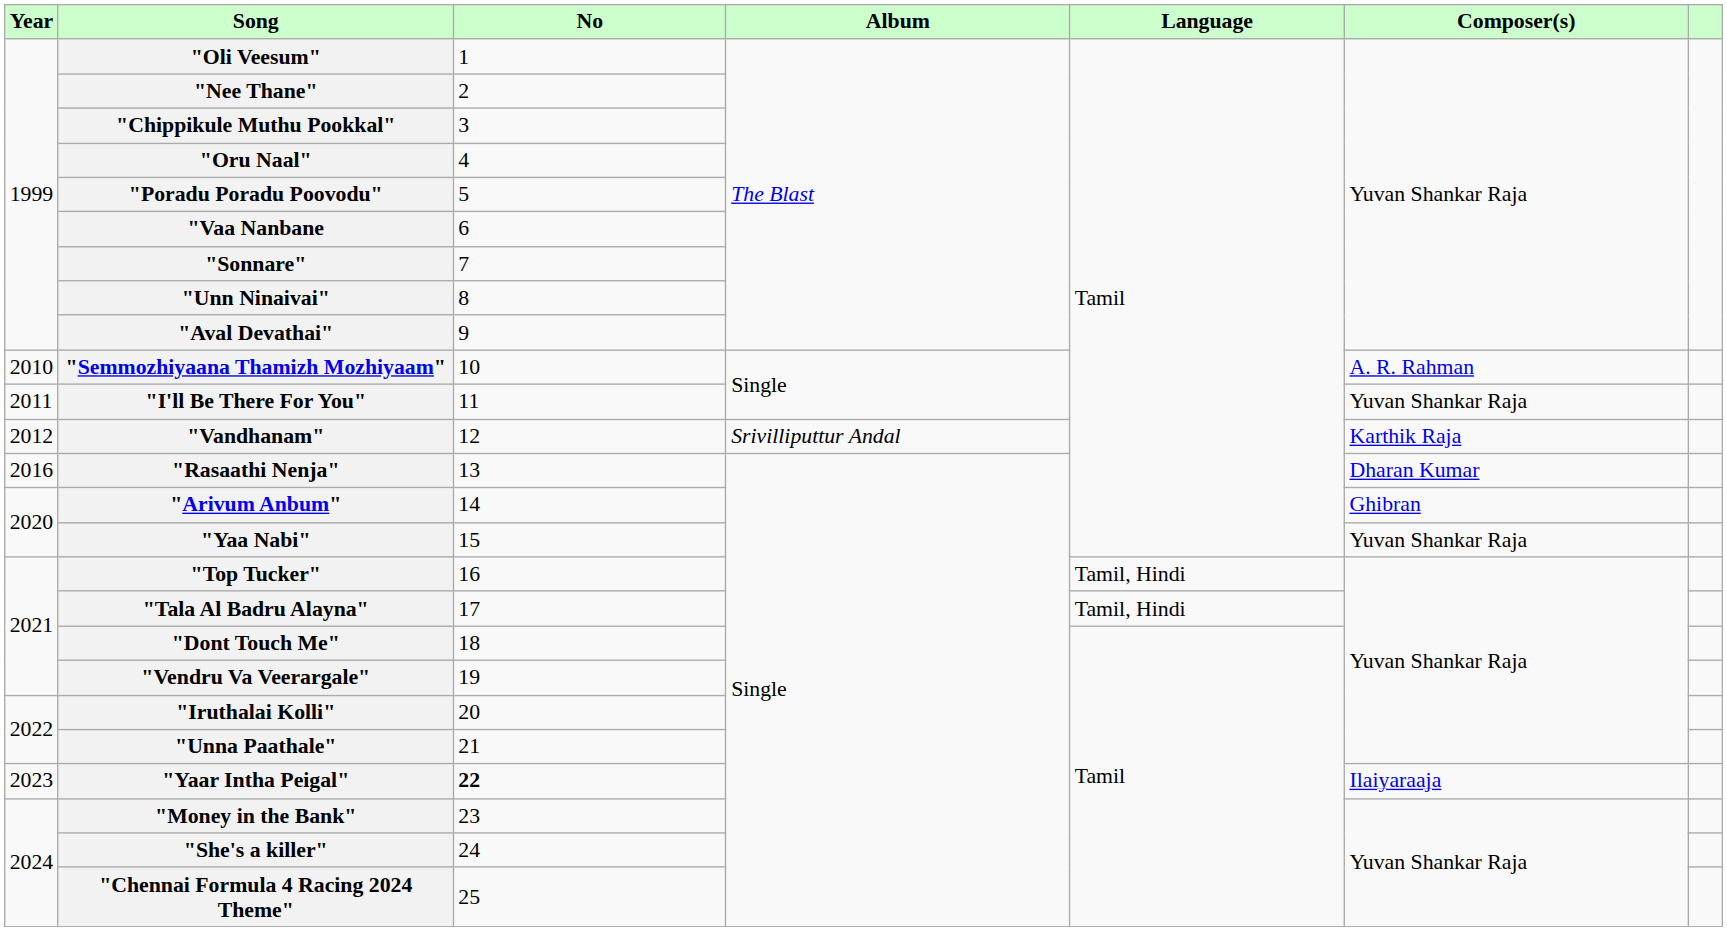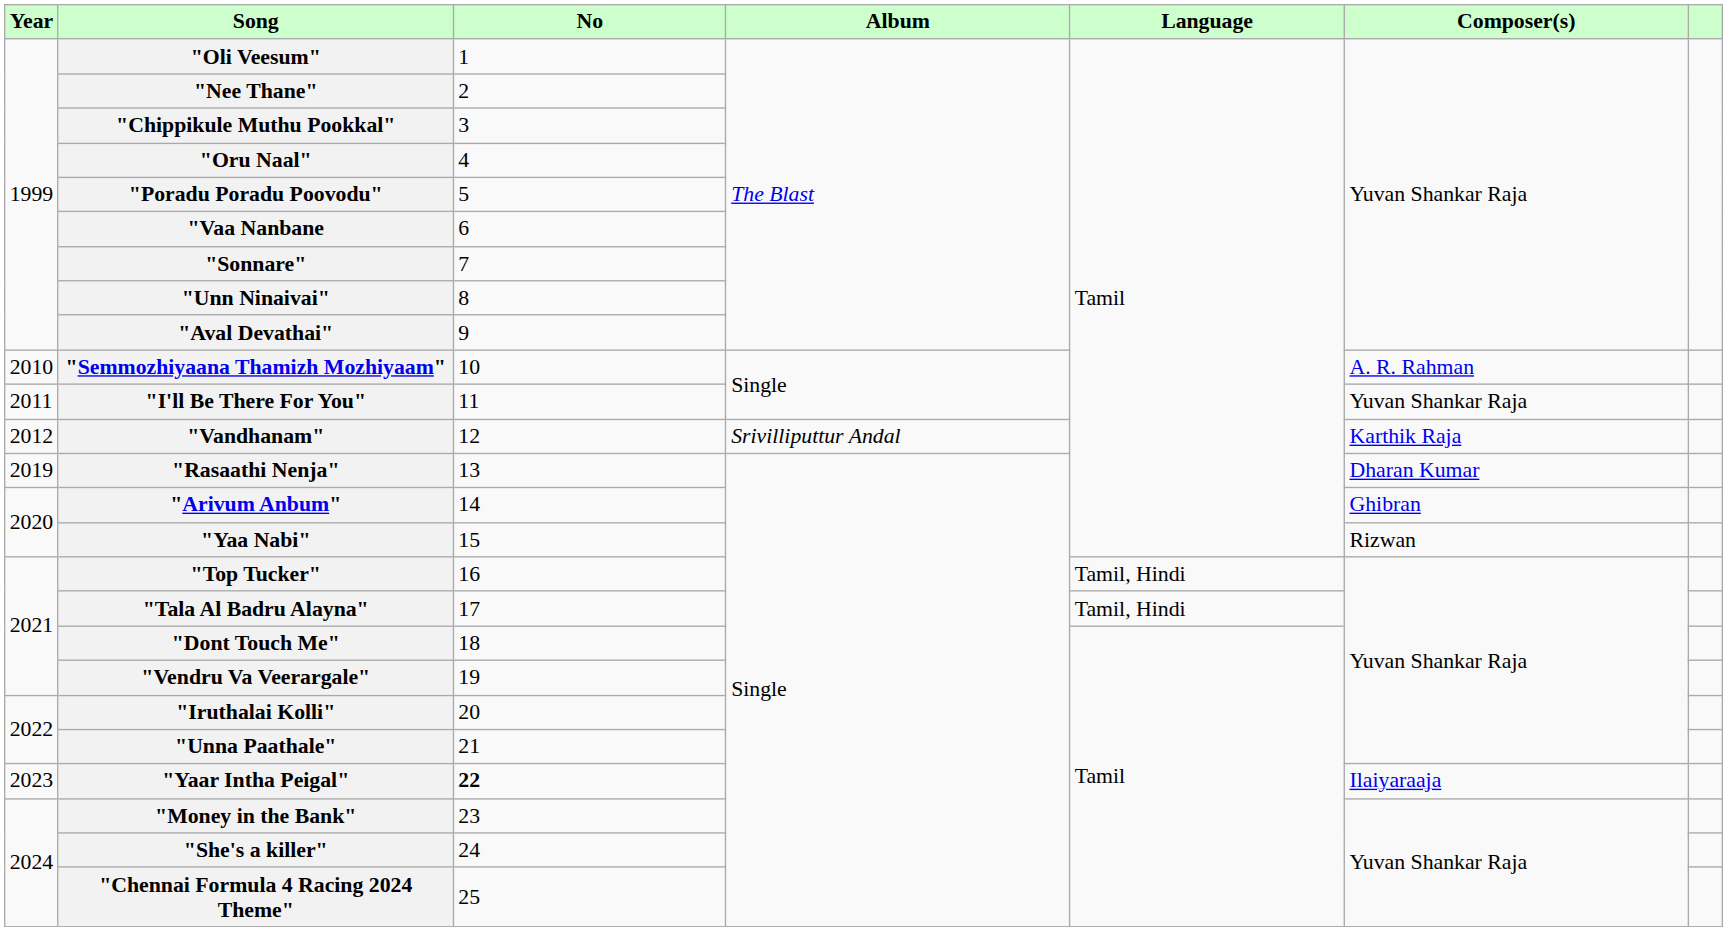 <table class="wikitable plainrowheaders" style="width:100%; textcolor:#000">
 <tr style="background:#cfc; text-align:center;">
 <td scope="col" style="width:2%;"><strong>Year</strong></td>
 <td scope="col" style="width:23%;"><strong>Song</strong></td>
 <td><strong>No</strong></td>
 <td scope="col" style="width:20%;"><strong>Album</strong></td>
 <td scope="col" style="width:16%;"><strong>Language</strong></td>
 <td scope="col" style="width:20%;"><strong>Composer(s)</strong></td>
 <td scope="col" style="width:2%;"><strong></strong></td>
 </tr>
 <tr>
 <td rowspan="9">1999</td>
 <th scope="row">"Oli Veesum"</th>
 <td>1</td>
 <td rowspan="9"><a href='#'><em>The Blast</em></a></td>
 <td rowspan="15">Tamil</td>
 <td rowspan="9">Yuvan Shankar Raja</td>
 <td rowspan="9"></td>
 </tr>
 <tr>
 <th scope="row">"Nee Thane"</th>
 <td>2</td>
 </tr>
 <tr>
 <th scope="row">"Chippikule Muthu Pookkal"</th>
 <td>3</td>
 </tr>
 <tr>
 <th scope="row">"Oru Naal"</th>
 <td>4</td>
 </tr>
 <tr>
 <th scope="row">"Poradu Poradu Poovodu"</th>
 <td>5</td>
 </tr>
 <tr>
 <th scope="row">"Vaa Nanbane</th>
 <td>6</td>
 </tr>
 <tr>
 <th scope="row">"Sonnare"</th>
 <td>7</td>
 </tr>
 <tr>
 <th scope="row">"Unn Ninaivai"</th>
 <td>8</td>
 </tr>
 <tr>
 <th scope="row">"Aval Devathai"</th>
 <td>9</td>
 </tr>
 <tr>
 <td>2010</td>
 <th scope="row">"<a href='#'>Semmozhiyaana Thamizh Mozhiyaam</a>"</th>
 <td>10</td>
 <td rowspan="2">Single</td>
 <td><a href='#'>A. R. Rahman</a></td>
 <td></td>
 </tr>
 <tr>
 <td>2011</td>
 <th scope="row">"I'll Be There For You"</th>
 <td>11</td>
 <td>Yuvan Shankar Raja</td>
 <td></td>
 </tr>
 <tr>
 <td>2012</td>
 <th scope="row">"Vandhanam"</th>
 <td>12</td>
 <td><em>Srivilliputtur Andal</em></td>
 <td><a href='#'>Karthik Raja</a></td>
 <td></td>
 </tr>
 <tr>
-<td>2016</td>
+<td>2019</td>
 <th scope="row">"Rasaathi Nenja"</th>
 <td>13</td>
 <td rowspan="13">Single</td>
 <td><a href='#'>Dharan Kumar</a></td>
 <td></td>
 </tr>
 <tr>
 <td rowspan="2">2020</td>
 <th scope="row">"<a href='#'>Arivum Anbum</a>"</th>
 <td>14</td>
 <td><a href='#'>Ghibran</a></td>
 <td></td>
 </tr>
 <tr>
 <th scope="row">"Yaa Nabi"</th>
 <td>15</td>
-<td>Yuvan Shankar Raja</td>
+<td>Rizwan</td>
 <td></td>
 </tr>
 <tr>
 <td rowspan="4">2021</td>
 <th scope="row">"Top Tucker"</th>
 <td>16</td>
 <td>Tamil, Hindi</td>
 <td rowspan="6">Yuvan Shankar Raja</td>
 <td></td>
 </tr>
 <tr>
 <th scope="row">"Tala Al Badru Alayna"</th>
 <td>17</td>
 <td>Tamil, Hindi</td>
 <td></td>
 </tr>
 <tr>
 <th scope="row">"Dont Touch Me"</th>
 <td>18</td>
 <td rowspan="8">Tamil</td>
 <td></td>
 </tr>
 <tr>
 <th scope="row">"Vendru Va Veerargale"</th>
 <td>19</td>
 <td></td>
 </tr>
 <tr>
 <td rowspan="2">2022</td>
 <th scope="row">"Iruthalai Kolli"</th>
 <td>20</td>
 <td></td>
 </tr>
 <tr>
 <th scope="row">"Unna Paathale"</th>
 <td>21</td>
 <td></td>
 </tr>
 <tr>
 <td>2023</td>
 <th scope="row">"Yaar Intha Peigal"</th>
 <td><strong>22</strong></td>
 <td><a href='#'>Ilaiyaraaja</a></td>
 <td></td>
 </tr>
 <tr>
 <td rowspan="3">2024</td>
 <th scope="row">"Money in the Bank"</th>
 <td>23</td>
 <td rowspan="3">Yuvan Shankar Raja</td>
 <td></td>
 </tr>
 <tr>
 <th scope="row">"She's a killer"</th>
 <td>24</td>
 <td></td>
 </tr>
 <tr>
 <th scope="row">"Chennai Formula 4 Racing 2024 Theme"</th>
 <td>25</td>
 <td></td>
 </tr>
 </table>
